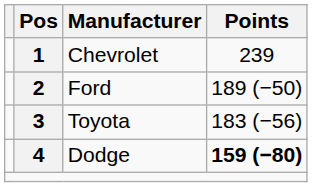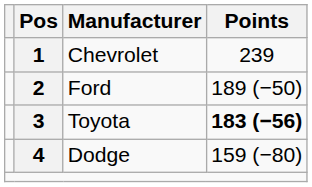 <table class="wikitable">
 <tr>
 <th></th>
 <th scope="col">Pos</th>
 <th scope="col">Manufacturer</th>
 <th scope="col">Points</th>
 </tr>
 <tr>
 <td align="left"></td>
 <th scope="row">1</th>
 <td>Chevrolet</td>
 <td style="text-align:center;">239</td>
 </tr>
 <tr>
 <td align="left"></td>
 <th scope="row">2</th>
 <td>Ford</td>
 <td style="text-align:center;">189 (−50)</td>
 </tr>
 <tr>
 <td align="left"></td>
 <th scope="row">3</th>
 <td>Toyota</td>
-<td style="text-align:center;">183 (−56)</td>
+<td style="text-align:center;"><strong>183 (−56)</strong></td>
 </tr>
 <tr>
 <td align="left"></td>
 <th scope="row">4</th>
 <td>Dodge</td>
-<td style="text-align:center;"><strong>159 (−80)</strong></td>
+<td style="text-align:center;">159 (−80)</td>
 </tr>
 <tr class="sortbottom">
 <td colspan="4"></td>
 </tr>
 </table>
